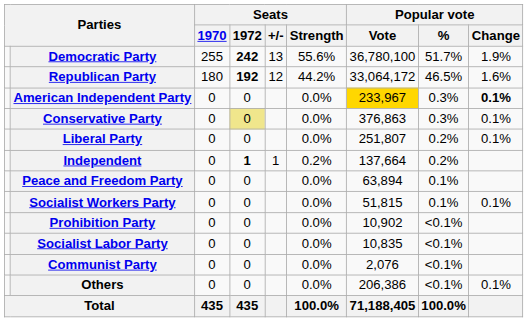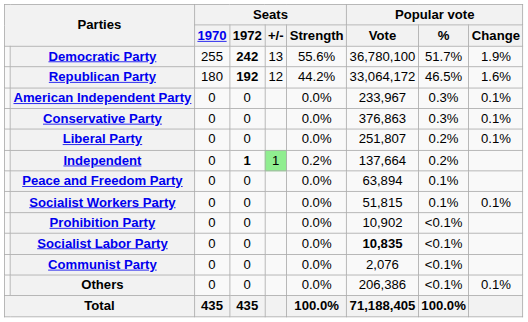 <table class="wikitable sortable" style="text-align:center">
 <tr>
 <th rowspan=2 colspan=2>Parties</th>
 <th colspan=4>Seats</th>
 <th colspan=3>Popular vote</th>
 </tr>
 <tr>
 <th><a href='#'>1970</a></th>
 <th>1972</th>
 <th>+/-</th>
 <th>Strength</th>
 <th>Vote</th>
 <th>%</th>
 <th>Change</th>
 </tr>
 <tr>
 <td></td>
 <th><a href='#'>Democratic Party</a></th>
 <td>255</td>
 <td><strong>242</strong></td>
 <td data-sort-value="-13"> 13</td>
 <td>55.6%</td>
 <td>36,780,100</td>
 <td>51.7%</td>
 <td data-sort-value="-1.5%"> 1.9%</td>
 </tr>
 <tr>
 <td></td>
 <th><a href='#'>Republican Party</a></th>
 <td>180</td>
 <td><strong>192</strong></td>
 <td> 12</td>
 <td>44.2%</td>
 <td>33,064,172</td>
 <td>46.5%</td>
 <td> 1.6%</td>
 </tr>
 <tr>
 <td></td>
 <th><a href='#'>American Independent Party</a></th>
 <td>0</td>
 <td>0</td>
 <td data-sort-value=0></td>
 <td>0.0%</td>
-<td style="background: gold;">233,967</td>
+<td>233,967</td>
 <td>0.3%</td>
-<td data-sort-value="0.1%"><strong> 0.1%</strong></td>
+<td data-sort-value="0.1%"> 0.1%</td>
 </tr>
 <tr>
 <td></td>
 <th><a href='#'>Conservative Party</a></th>
 <td>0</td>
-<td style="background: khaki;">0</td>
+<td>0</td>
 <td data-sort-value=0></td>
 <td>0.0%</td>
 <td>376,863</td>
 <td>0.3%</td>
 <td data-sort-value="-0.1%"> 0.1%</td>
 </tr>
 <tr>
 <td></td>
 <th><a href='#'>Liberal Party</a></th>
 <td>0</td>
 <td>0</td>
 <td data-sort-value=0></td>
 <td>0.0%</td>
 <td>251,807</td>
 <td>0.2%</td>
 <td data-sort-value="0.1%"> 0.1%</td>
 </tr>
 <tr>
 <td></td>
 <th><a href='#'>Independent</a></th>
 <td>0</td>
 <td><strong>1</strong></td>
-<td data-sort-value="1"> 1</td>
+<td data-sort-value="1" style="background: lightgreen;"> 1</td>
 <td>0.2%</td>
 <td>137,664</td>
 <td>0.2%</td>
 <td data-sort-value=0></td>
 </tr>
 <tr>
 <td></td>
 <th><a href='#'>Peace and Freedom Party</a></th>
 <td>0</td>
 <td>0</td>
 <td data-sort-value=0></td>
 <td>0.0%</td>
 <td>63,894</td>
 <td>0.1%</td>
 <td data-sort-value=0></td>
 </tr>
 <tr>
 <td></td>
 <th><a href='#'>Socialist Workers Party</a></th>
 <td>0</td>
 <td>0</td>
 <td data-sort-value=0></td>
 <td>0.0%</td>
 <td>51,815</td>
 <td>0.1%</td>
 <td data-sort-value="0.1%"> 0.1%</td>
 </tr>
 <tr>
 <td></td>
 <th><a href='#'>Prohibition Party</a></th>
 <td>0</td>
 <td>0</td>
 <td data-sort-value=0></td>
 <td>0.0%</td>
 <td>10,902</td>
 <td><0.1%</td>
 <td data-sort-value=0></td>
 </tr>
 <tr>
 <td></td>
 <th><a href='#'>Socialist Labor Party</a></th>
 <td>0</td>
 <td>0</td>
 <td data-sort-value=0></td>
 <td>0.0%</td>
-<td>10,835</td>
+<td><strong>10,835</strong></td>
 <td><0.1%</td>
 <td data-sort-value=0></td>
 </tr>
 <tr>
 <td></td>
 <th><a href='#'>Communist Party</a></th>
 <td>0</td>
 <td>0</td>
 <td data-sort-value=0></td>
 <td>0.0%</td>
 <td>2,076</td>
 <td><0.1%</td>
 <td data-sort-value=0></td>
 </tr>
 <tr>
 <td></td>
 <th>Others</th>
 <td>0</td>
 <td>0</td>
 <td data-sort-value="0"></td>
 <td>0.0%</td>
 <td>206,386</td>
 <td><0.1%</td>
 <td data-sort-value="-0.1%"> 0.1%</td>
 </tr>
 <tr>
 <th colspan=2>Total</th>
 <th>435</th>
 <th>435</th>
 <th data-sort-value=0></th>
 <th>100.0%</th>
 <th>71,188,405</th>
 <th>100.0%</th>
 <th data-sort-value=0></th>
 </tr>
 </table>
